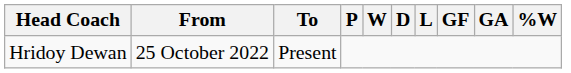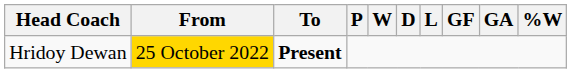 <table class="wikitable sortable" style="text-align:center">
 <tr>
 <th>Head Coach</th>
 <th Class="unsortable">From</th>
 <th Class="unsortable">To</th>
 <th abbr="3">P</th>
 <th abbr="1">W</th>
 <th abbr="1">D</th>
 <th abbr="1">L</th>
 <th abbr="4">GF</th>
 <th abbr="6">GA</th>
 <th abbr="50">%W</th>
 </tr>
 <tr>
 <td align=left> Hridoy Dewan</td>
-<td align=left>25 October 2022</td>
-<td align=left>Present<br></td>
+<td align=left style="background: gold;">25 October 2022</td>
+<td align=left><strong>Present<br></strong></td>
 </tr>
 </table>
